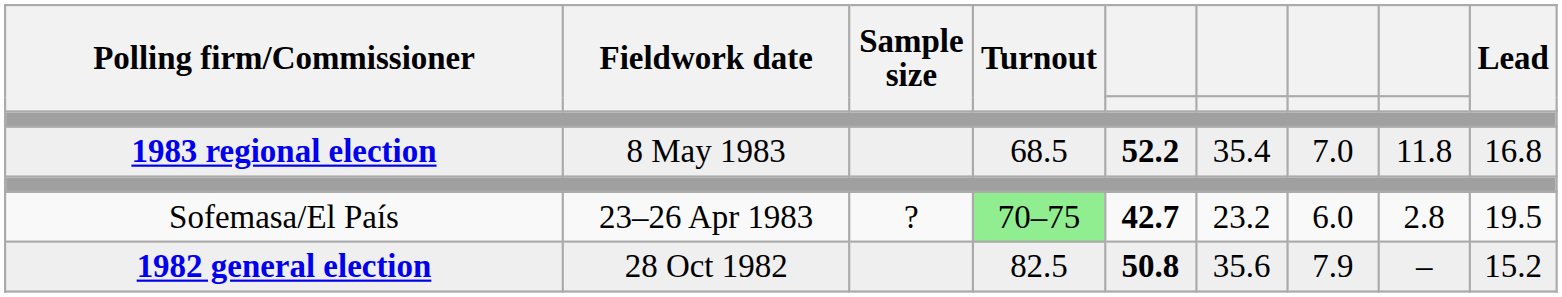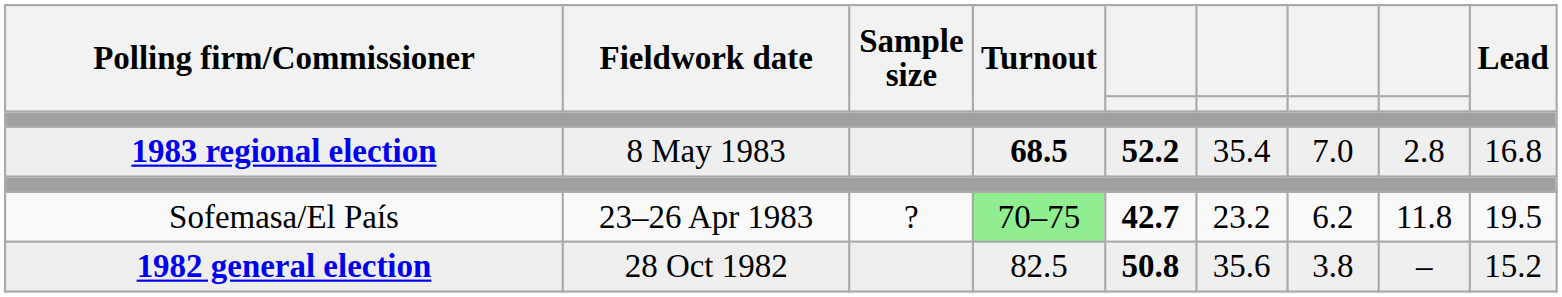 <table class="wikitable collapsible collapsed" style="text-align:center; font-size:95%; line-height:16px;">
 <tr style="height:42px;">
 <th style="width:250px;" rowspan="2">Polling firm/Commissioner</th>
 <th style="width:125px;" rowspan="2">Fieldwork date</th>
 <th style="width:50px;" rowspan="2">Sample size</th>
 <th style="width:45px;" rowspan="2">Turnout</th>
 <th style="width:35px;"></th>
 <th style="width:35px;"></th>
 <th style="width:35px;"></th>
 <th style="width:35px;"></th>
 <th style="width:30px;" rowspan="2">Lead</th>
 </tr>
 <tr>
 <th style="color:inherit;background:"></th>
 <th style="color:inherit;background:"></th>
 <th style="color:inherit;background:"></th>
 <th style="color:inherit;background:"></th>
 </tr>
 <tr>
 <td colspan="9" style="background:#A0A0A0"></td>
 </tr>
 <tr style="background:#EFEFEF;">
 <td><strong><a href='#'>1983 regional election</a></strong></td>
 <td>8 May 1983</td>
 <td></td>
-<td>68.5</td>
+<td><strong>68.5</strong></td>
 <td><strong>52.2</strong><br></td>
 <td>35.4<br></td>
 <td>7.0<br></td>
-<td>11.8<br></td>
+<td>2.8<br></td>
 <td style="background:">16.8</td>
 </tr>
 <tr>
 <td colspan="9" style="background:#A0A0A0"></td>
 </tr>
 <tr>
 <td>Sofemasa/El País</td>
 <td>23–26 Apr 1983</td>
 <td>?</td>
 <td style="background: lightgreen;">70–75</td>
 <td><strong>42.7</strong><br></td>
 <td>23.2<br></td>
-<td>6.0<br></td>
-<td>2.8<br></td>
+<td>6.2<br></td>
+<td>11.8<br></td>
 <td style="background:">19.5</td>
 </tr>
 <tr style="background:#EFEFEF;">
 <td><strong><a href='#'>1982 general election</a></strong></td>
 <td>28 Oct 1982</td>
 <td></td>
 <td>82.5</td>
 <td><strong>50.8</strong></td>
 <td>35.6</td>
-<td>7.9</td>
+<td>3.8</td>
 <td>–</td>
 <td style="background:">15.2</td>
 </tr>
 </table>
